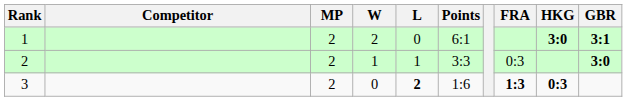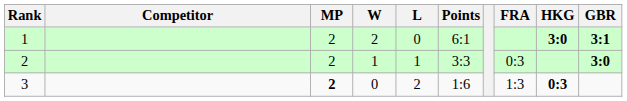 <table class="wikitable" style="text-align:center">
 <tr>
 <th>Rank</th>
 <th style="width:18em">Competitor</th>
 <th style="width:2.5em">MP</th>
 <th style="width:2.5em">W</th>
 <th style="width:2.5em">L</th>
 <th>Points</th>
 <th rowspan="4"> </th>
 <th style="width:2.5em">FRA</th>
 <th style="width:2.5em">HKG</th>
 <th style="width:2.5em">GBR</th>
 </tr>
 <tr style="background:#cfc;">
 <td>1</td>
 <td style="text-align:left"></td>
 <td>2</td>
 <td>2</td>
 <td>0</td>
 <td>6:1</td>
 <td></td>
 <td><strong>3:0</strong></td>
 <td><strong>3:1</strong></td>
 </tr>
 <tr style="background:#cfc;">
 <td>2</td>
 <td style="text-align:left"></td>
 <td>2</td>
 <td>1</td>
 <td>1</td>
 <td>3:3</td>
 <td>0:3</td>
 <td></td>
 <td><strong>3:0</strong></td>
 </tr>
 <tr>
 <td>3</td>
 <td style="text-align:left"></td>
+<td><strong>2</strong></td>
+<td>0</td>
 <td>2</td>
-<td>0</td>
-<td><strong>2</strong></td>
 <td>1:6</td>
-<td><strong>1:3</strong></td>
+<td>1:3</td>
 <td><strong>0:3</strong></td>
 <td></td>
 </tr>
 </table>
